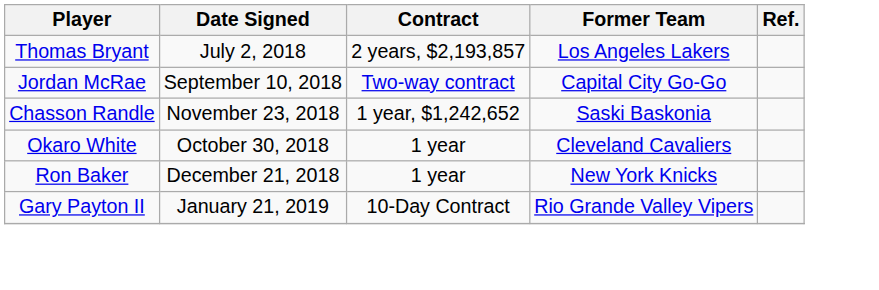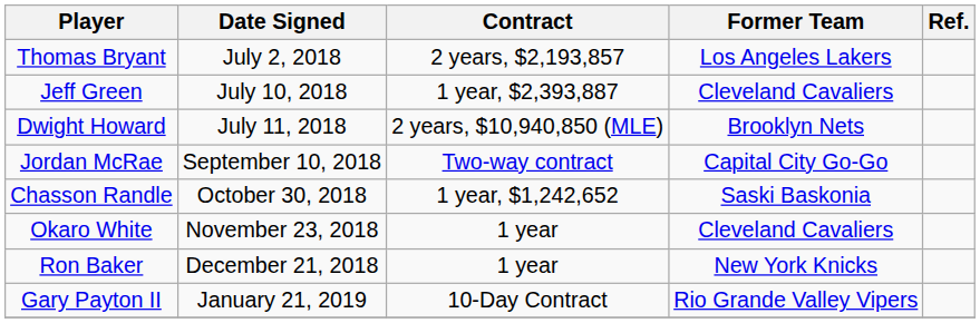 <table class="wikitable sortable sortable" style="text-align: center">
 <tr>
 <th>Player</th>
 <th>Date Signed</th>
 <th>Contract</th>
 <th>Former Team</th>
 <th>Ref.</th>
 </tr>
 <tr>
 <td><a href='#'>Thomas Bryant</a></td>
 <td>July 2, 2018</td>
 <td>2 years, $2,193,857</td>
 <td><a href='#'>Los Angeles Lakers</a></td>
 <td></td>
 </tr>
 <tr>
+<td><a href='#'>Jeff Green</a></td>
+<td>July 10, 2018</td>
+<td>1 year, $2,393,887</td>
+<td><a href='#'>Cleveland Cavaliers</a></td>
+<td></td>
+</tr>
+<tr>
+<td><a href='#'>Dwight Howard</a></td>
+<td>July 11, 2018</td>
+<td>2 years, $10,940,850 (<a href='#'>MLE</a>)</td>
+<td><a href='#'>Brooklyn Nets</a></td>
+<td></td>
+</tr>
+<tr>
 <td><a href='#'>Jordan McRae</a></td>
 <td>September 10, 2018</td>
 <td><a href='#'>Two-way contract</a></td>
 <td><a href='#'>Capital City Go-Go</a></td>
 <td></td>
 </tr>
 <tr>
 <td><a href='#'>Chasson Randle</a></td>
-<td>November 23, 2018</td>
+<td>October 30, 2018 </td>
 <td>1 year, $1,242,652</td>
 <td> <a href='#'>Saski Baskonia</a></td>
 <td></td>
 </tr>
 <tr>
 <td><a href='#'>Okaro White</a></td>
-<td>October 30, 2018 </td>
+<td>November 23, 2018</td>
 <td>1 year</td>
 <td><a href='#'>Cleveland Cavaliers</a></td>
 <td></td>
 </tr>
 <tr>
 <td><a href='#'>Ron Baker</a></td>
 <td>December 21, 2018</td>
 <td>1 year</td>
 <td><a href='#'>New York Knicks</a></td>
 <td></td>
 </tr>
 <tr>
 <td><a href='#'>Gary Payton II</a></td>
 <td>January 21, 2019</td>
 <td>10-Day Contract</td>
 <td><a href='#'>Rio Grande Valley Vipers</a></td>
 <td></td>
 </tr>
 <tr>
 </tr>
 </table>
